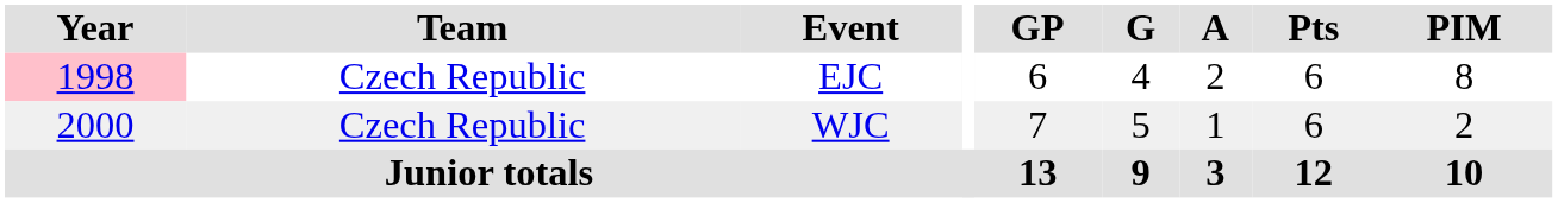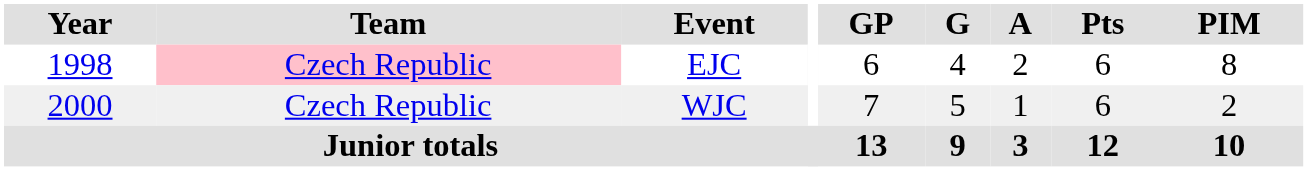 <table border="0" cellpadding="1" cellspacing="0" ID="Table3" style="text-align:center; width:40em">
 <tr bgcolor="#e0e0e0">
 <th>Year</th>
 <th>Team</th>
 <th>Event</th>
 <th rowspan="102" bgcolor="#ffffff"></th>
 <th>GP</th>
 <th>G</th>
 <th>A</th>
 <th>Pts</th>
 <th>PIM</th>
 </tr>
 <tr>
-<td style="background: pink;"><a href='#'>1998</a></td>
-<td><a href='#'>Czech Republic</a></td>
+<td><a href='#'>1998</a></td>
+<td style="background: pink;"><a href='#'>Czech Republic</a></td>
 <td><a href='#'>EJC</a></td>
 <td>6</td>
 <td>4</td>
 <td>2</td>
 <td>6</td>
 <td>8</td>
 </tr>
 <tr bgcolor="#f0f0f0">
 <td><a href='#'>2000</a></td>
 <td><a href='#'>Czech Republic</a></td>
 <td><a href='#'>WJC</a></td>
 <td>7</td>
 <td>5</td>
 <td>1</td>
 <td>6</td>
 <td>2</td>
 </tr>
 <tr bgcolor="#e0e0e0">
 <th colspan="4">Junior totals</th>
 <th>13</th>
 <th>9</th>
 <th>3</th>
 <th>12</th>
 <th>10</th>
 </tr>
 </table>
